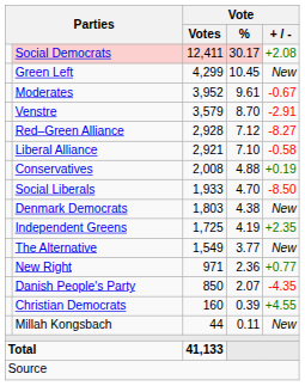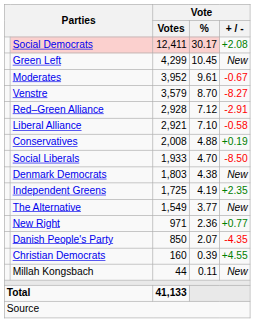 <table class="wikitable" style="text-align:right;">
 <tr>
 <th style="text-align:centre;" rowspan="2" colspan="2" width="225">Parties</th>
 <th colspan="3">Vote</th>
 </tr>
 <tr>
 <th width="15">Votes</th>
 <th width="15">%</th>
 <th width="15">+ / -</th>
 </tr>
 <tr>
 <td width="2" style="color:inherit;background:"></td>
 <td bgcolor=#fbd0ce  align="left"><a href='#'>Social Democrats</a></td>
 <td bgcolor=#fbd0ce>12,411</td>
 <td bgcolor=#fbd0ce>30.17</td>
 <td style=color:green;>+2.08</td>
 </tr>
 <tr>
 <td width="2" style="color:inherit;background:"></td>
 <td align="left"><a href='#'>Green Left</a></td>
 <td>4,299</td>
 <td>10.45</td>
 <td><em>New</em></td>
 </tr>
 <tr>
 <td width="2" style="color:inherit;background:"></td>
 <td align="left"><a href='#'>Moderates</a></td>
 <td>3,952</td>
 <td>9.61</td>
 <td style=color:red;>-0.67</td>
 </tr>
 <tr>
 <td width="2" style="color:inherit;background:"></td>
 <td align="left"><a href='#'>Venstre</a></td>
 <td>3,579</td>
 <td>8.70</td>
-<td style=color:red;>-2.91</td>
+<td style=color:red;>-8.27</td>
 </tr>
 <tr>
 <td width="2" style="color:inherit;background:"></td>
 <td align="left"><a href='#'>Red–Green Alliance</a></td>
 <td>2,928</td>
 <td>7.12</td>
-<td style=color:red;>-8.27</td>
+<td style=color:red;>-2.91</td>
 </tr>
 <tr>
 <td width="2" style="color:inherit;background:"></td>
 <td align="left"><a href='#'>Liberal Alliance</a></td>
 <td>2,921</td>
 <td>7.10</td>
 <td style=color:red;>-0.58</td>
 </tr>
 <tr>
 <td width="2" style="color:inherit;background:"></td>
 <td align="left"><a href='#'>Conservatives</a></td>
 <td>2,008</td>
 <td>4.88</td>
 <td style=color:green;>+0.19</td>
 </tr>
 <tr>
 <td width="2" style="color:inherit;background:"></td>
 <td align="left"><a href='#'>Social Liberals</a></td>
 <td>1,933</td>
 <td>4.70</td>
 <td style=color:red;>-8.50</td>
 </tr>
 <tr>
 <td width="2" style="color:inherit;background:"></td>
 <td align="left"><a href='#'>Denmark Democrats</a></td>
 <td>1,803</td>
 <td>4.38</td>
 <td><em>New</em></td>
 </tr>
 <tr>
 <td width="2" style="color:inherit;background:"></td>
 <td align="left"><a href='#'>Independent Greens</a></td>
 <td>1,725</td>
 <td>4.19</td>
 <td style=color:green;>+2.35</td>
 </tr>
 <tr>
 <td width="2" style="color:inherit;background:"></td>
 <td align="left"><a href='#'>The Alternative</a></td>
 <td>1,549</td>
 <td>3.77</td>
 <td><em>New</em></td>
 </tr>
 <tr>
 <td width="2" style="color:inherit;background:"></td>
 <td align="left"><a href='#'>New Right</a></td>
 <td>971</td>
 <td>2.36</td>
 <td style=color:green;>+0.77</td>
 </tr>
 <tr>
 <td width="2" style="color:inherit;background:"></td>
 <td align="left"><a href='#'>Danish People's Party</a></td>
 <td>850</td>
 <td>2.07</td>
 <td style=color:red;>-4.35</td>
 </tr>
 <tr>
 <td width="2" style="color:inherit;background:"></td>
 <td align="left"><a href='#'>Christian Democrats</a></td>
 <td>160</td>
 <td>0.39</td>
 <td style=color:green;>+4.55</td>
 </tr>
 <tr>
 <td width="2" style="color:inherit;background:"></td>
 <td align="left">Millah Kongsbach</td>
 <td>44</td>
 <td>0.11</td>
 <td><em>New</em></td>
 </tr>
 <tr>
 <td colspan="7" bgcolor="#E9E9E9"></td>
 </tr>
 <tr>
 <td align="left" colspan="2"><strong>Total</strong></td>
 <td><strong>41,133</strong></td>
 <td bgcolor="#E9E9E9" colspan="2"></td>
 </tr>
 <tr>
 <td align="left" colspan="6">Source</td>
 </tr>
 </table>
